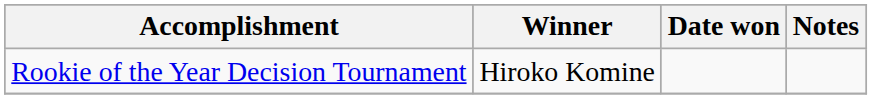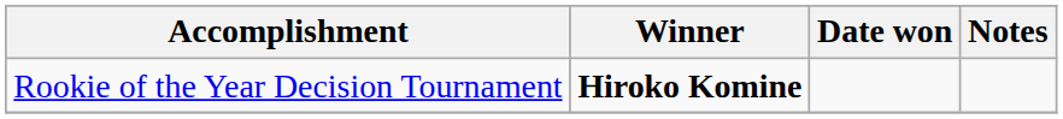 <table class="wikitable">
 <tr>
 <th>Accomplishment</th>
 <th>Winner</th>
 <th>Date won</th>
 <th>Notes</th>
 </tr>
 <tr>
 <td><a href='#'>Rookie of the Year Decision Tournament</a></td>
-<td>Hiroko Komine</td>
+<td><strong>Hiroko Komine</strong></td>
 <td></td>
 <td></td>
 </tr>
 <tr>
 </tr>
 </table>
